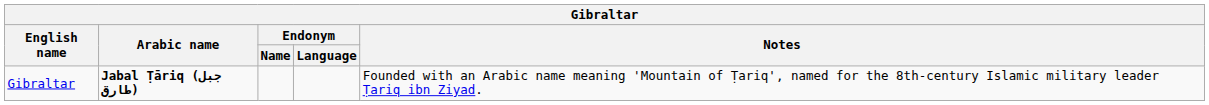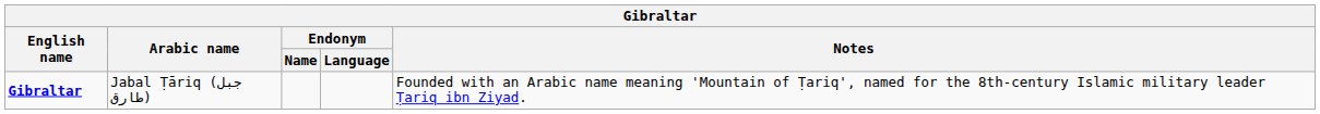 <table class="wikitable sortable">
 <tr>
 <th colspan="5">Gibraltar</th>
 </tr>
 <tr>
 <th rowspan="2">English name</th>
 <th rowspan="2">Arabic name</th>
 <th colspan="2">Endonym</th>
 <th rowspan="2">Notes</th>
 </tr>
 <tr>
 <th>Name</th>
 <th>Language</th>
 </tr>
 <tr>
-<td><a href='#'>Gibraltar</a></td>
-<td><strong>Jabal Ṭāriq (جبل طارق)</strong></td>
+<td><strong><a href='#'>Gibraltar</a></strong></td>
+<td>Jabal Ṭāriq (جبل طارق)</td>
 <td></td>
 <td></td>
 <td>Founded with an Arabic name meaning 'Mountain of Ṭariq', named for the 8th-century Islamic military leader <a href='#'>Ṭariq ibn Ziyad</a>.</td>
 </tr>
 </table>
